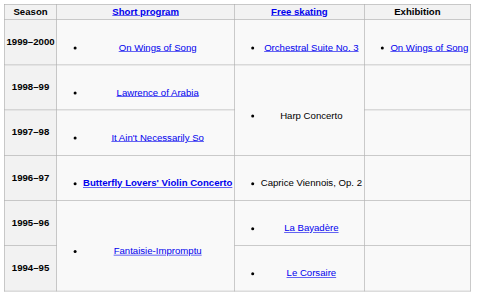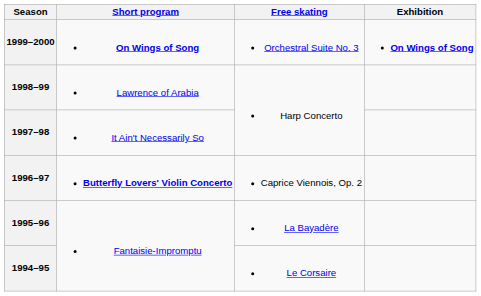 <table class=wikitable style=text-align:center>
 <tr>
 <th>Season</th>
 <th><a href='#'>Short program</a></th>
 <th><a href='#'>Free skating</a></th>
 <th>Exhibition</th>
 </tr>
 <tr>
 <th>1999–2000</th>
-<td><br><ul><li><a href='#'>On Wings of Song</a> <br></li></ul></td>
+<td><strong><br><ul><li><a href='#'>On Wings of Song</a> <br></li></ul></strong></td>
 <td><br><ul><li><a href='#'>Orchestral Suite No. 3</a> <br></li></ul></td>
-<td><br><ul><li><a href='#'>On Wings of Song</a> <br></li></ul></td>
+<td><strong><br><ul><li><a href='#'>On Wings of Song</a> <br></li></ul></strong></td>
 </tr>
 <tr>
 <th>1998–99 <br> </th>
 <td><br><ul><li><a href='#'>Lawrence of Arabia</a> <br></li></ul></td>
 <td rowspan=2><br><ul><li>Harp Concerto <br></li></ul></td>
 <td></td>
 </tr>
 <tr>
 <th>1997–98</th>
 <td><br><ul><li><a href='#'>It Ain't Necessarily So</a> <br> </li></ul></td>
 <td></td>
 </tr>
 <tr>
 <th>1996–97</th>
 <td><strong><br><ul><li><a href='#'>Butterfly Lovers' Violin Concerto</a> <br></li></ul></strong></td>
 <td><br><ul><li>Caprice Viennois, Op. 2 <br></li></ul></td>
 <td></td>
 </tr>
 <tr>
 <th>1995–96</th>
 <td rowspan=2><br><ul><li><a href='#'>Fantaisie-Impromptu</a> <br></li></ul></td>
 <td><br><ul><li><a href='#'>La Bayadère</a> <br></li></ul></td>
 <td></td>
 </tr>
 <tr>
 <th>1994–95</th>
 <td><br><ul><li><a href='#'>Le Corsaire</a> <br></li></ul></td>
 <td></td>
 </tr>
 </table>
